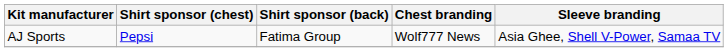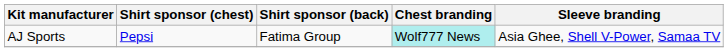 <table class="wikitable">
 <tr>
 <th>Kit manufacturer</th>
 <th>Shirt sponsor (chest)</th>
 <th>Shirt sponsor (back)</th>
 <th>Chest branding</th>
 <th>Sleeve branding</th>
 </tr>
 <tr>
 <td>AJ Sports</td>
 <td><a href='#'>Pepsi</a></td>
 <td>Fatima Group</td>
-<td>Wolf777 News</td>
+<td style="background: paleturquoise;">Wolf777 News</td>
 <td>Asia Ghee, <a href='#'>Shell V-Power</a>, <a href='#'>Samaa TV</a></td>
 </tr>
 <tr>
 </tr>
 </table>
